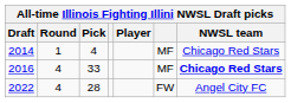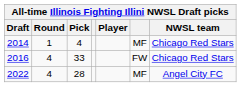 <table class="wikitable sortable" style="text-align: center;">
 <tr>
 <th colspan="7" style="background:#">All-time <a href='#'><span>Illinois Fighting Illini</span></a> NWSL Draft picks</th>
 </tr>
 <tr>
 <th scope="col">Draft</th>
 <th scope="col">Round</th>
 <th scope="col">Pick</th>
 <th scope="col"></th>
 <th scope="col">Player</th>
 <th scope="col"></th>
 <th scope="col">NWSL team</th>
 </tr>
 <tr>
 <td><a href='#'>2014</a></td>
 <td>1</td>
 <td>4</td>
 <td></td>
 <td></td>
 <td>MF</td>
 <td><a href='#'>Chicago Red Stars</a></td>
 </tr>
 <tr>
 <td><a href='#'>2016</a></td>
 <td>4</td>
 <td>33</td>
 <td></td>
 <td></td>
-<td>MF</td>
-<td><strong><a href='#'>Chicago Red Stars</a></strong></td>
+<td>FW</td>
+<td><a href='#'>Chicago Red Stars</a></td>
 </tr>
 <tr>
 <td><a href='#'>2022</a></td>
 <td>4</td>
 <td>28</td>
 <td></td>
 <td></td>
-<td>FW</td>
+<td>MF</td>
 <td><a href='#'>Angel City FC</a></td>
 </tr>
 </table>
